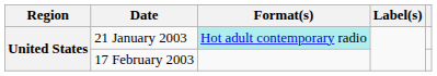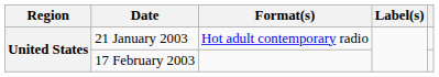 <table class="wikitable plainrowheaders">
 <tr>
 <th scope="col">Region</th>
 <th scope="col">Date</th>
 <th scope="col">Format(s)</th>
 <th scope="col">Label(s)</th>
 <th scope="col"></th>
 </tr>
 <tr>
 <th scope="row" rowspan="2">United States</th>
 <td>21 January 2003</td>
-<td style="background: paleturquoise;"><a href='#'>Hot adult contemporary</a> radio</td>
+<td><a href='#'>Hot adult contemporary</a> radio</td>
 <td rowspan="2"></td>
 <td></td>
 </tr>
 <tr>
 <td>17 February 2003</td>
 <td></td>
 <td></td>
 </tr>
 </table>
